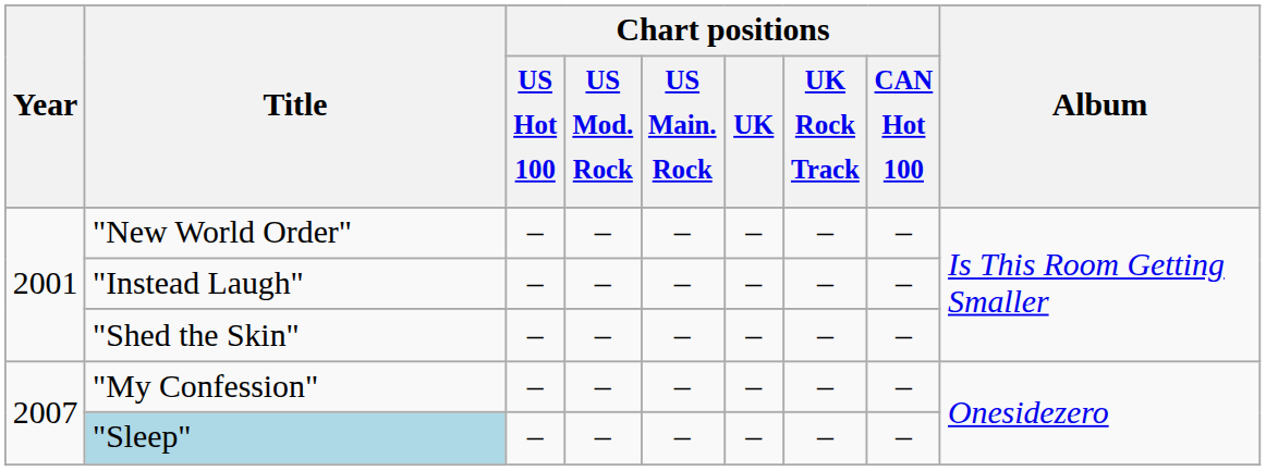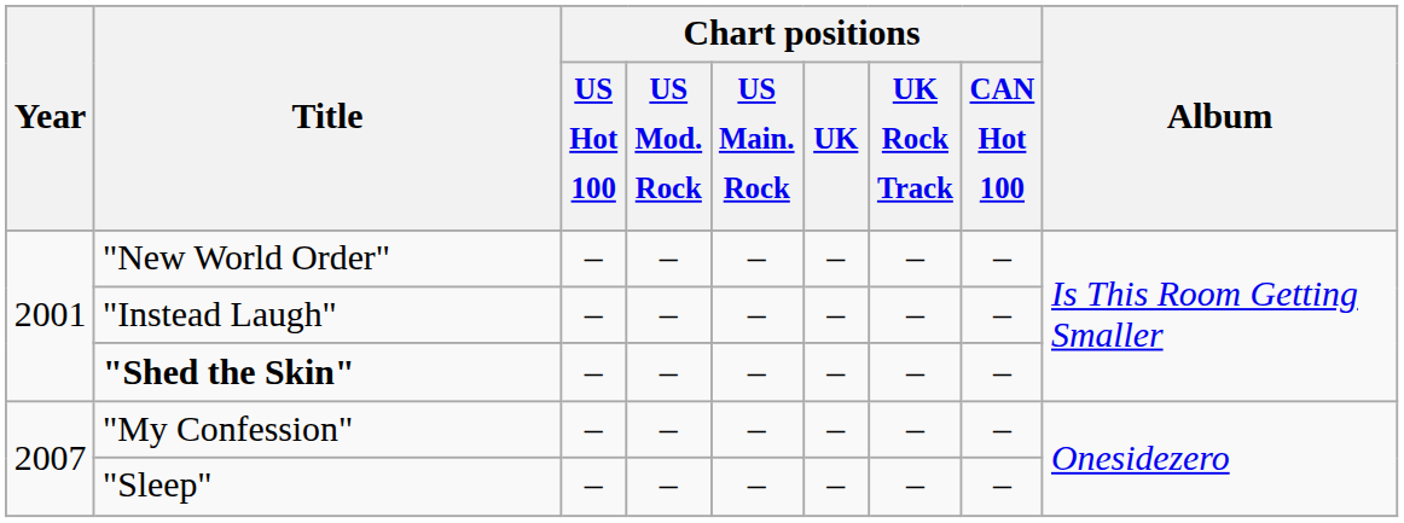 <table class="wikitable">
 <tr>
 <th width="20" rowspan="2">Year</th>
 <th width="200" rowspan="2">Title</th>
 <th colspan="6">Chart positions</th>
 <th width="150" rowspan="2">Album</th>
 </tr>
 <tr>
 <th width="22"><sup><a href='#'>US<br>Hot 100</a></sup></th>
 <th width="22"><sup><a href='#'>US<br>Mod. Rock</a></sup></th>
 <th width="22"><sup><a href='#'>US<br>Main. Rock</a></sup></th>
 <th width="22"><sup><a href='#'>UK</a></sup></th>
 <th width="22"><sup><a href='#'>UK<br>Rock Track</a></sup></th>
 <th width="22"><sup><a href='#'>CAN<br>Hot 100</a></sup></th>
 </tr>
 <tr>
 <td rowspan="3">2001</td>
 <td>"New World Order"</td>
 <td align="center">–</td>
 <td align="center">–</td>
 <td align="center">–</td>
 <td align="center">–</td>
 <td align="center">–</td>
 <td align="center">–</td>
 <td rowspan="3"><em><a href='#'>Is This Room Getting Smaller</a></em></td>
 </tr>
 <tr>
 <td>"Instead Laugh"</td>
 <td align="center">–</td>
 <td align="center">–</td>
 <td align="center">–</td>
 <td align="center">–</td>
 <td align="center">–</td>
 <td align="center">–</td>
 </tr>
 <tr>
-<td>"Shed the Skin"</td>
+<td><strong>"Shed the Skin"</strong></td>
 <td align="center">–</td>
 <td align="center">–</td>
 <td align="center">–</td>
 <td align="center">–</td>
 <td align="center">–</td>
 <td align="center">–</td>
 </tr>
 <tr>
 <td rowspan="2">2007</td>
 <td>"My Confession"</td>
 <td align="center">–</td>
 <td align="center">–</td>
 <td align="center">–</td>
 <td align="center">–</td>
 <td align="center">–</td>
 <td align="center">–</td>
 <td rowspan="2"><em><a href='#'>Onesidezero</a></em></td>
 </tr>
 <tr>
-<td style="background: lightblue;">"Sleep"</td>
+<td>"Sleep"</td>
 <td align="center">–</td>
 <td align="center">–</td>
 <td align="center">–</td>
 <td align="center">–</td>
 <td align="center">–</td>
 <td align="center">–</td>
 </tr>
 </table>
